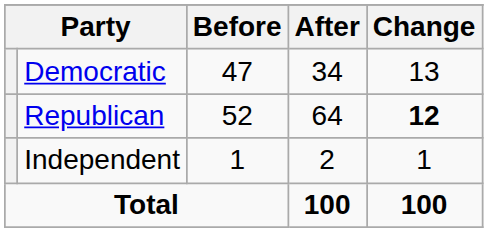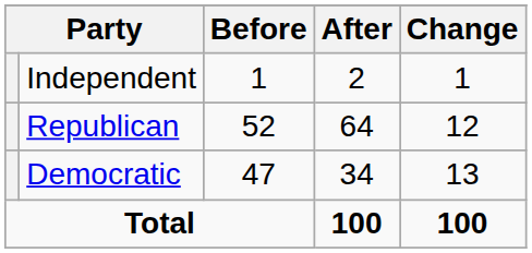 <table class="wikitable" style="text-align:center;">
 <tr>
 </tr>
 <tr>
 <th colspan=2>Party</th>
 <th>Before</th>
 <th>After</th>
 <th>Change</th>
 </tr>
 <tr>
 <th style="background-color:"></th>
-<td style="text-align:left;"><a href='#'>Democratic</a></td>
-<td>47</td>
-<td>34</td>
-<td> 13</td>
+<td style="text-align:left;">Independent</td>
+<td>1</td>
+<td>2</td>
+<td> 1</td>
 </tr>
 <tr>
 <th style="background-color:"></th>
 <td style="text-align:left;"><a href='#'>Republican</a></td>
 <td>52</td>
 <td>64</td>
-<td><strong> 12</strong></td>
+<td> 12</td>
 </tr>
 <tr>
 <th style="background-color:"></th>
-<td style="text-align:left;">Independent</td>
-<td>1</td>
-<td>2</td>
-<td> 1</td>
+<td style="text-align:left;"><a href='#'>Democratic</a></td>
+<td>47</td>
+<td>34</td>
+<td> 13</td>
 </tr>
 <tr>
 <td colspan=3><strong>Total</strong></td>
 <td><strong>100</strong></td>
 <td><strong>100</strong></td>
 </tr>
 </table>
